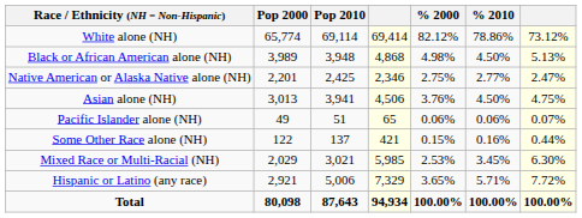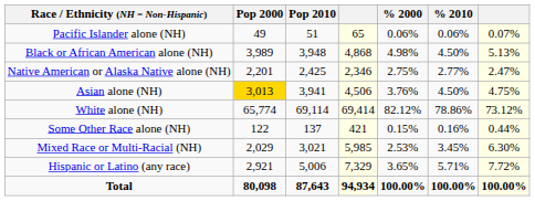 <table class="wikitable" style="text-align:center;">
 <tr>
 <th>Race / Ethnicity <small>(<em>NH = Non-Hispanic</em>)</small></th>
 <th>Pop 2000</th>
 <th>Pop 2010</th>
 <th></th>
 <th>% 2000</th>
 <th>% 2010</th>
 <th></th>
 </tr>
 <tr>
-<td><a href='#'>White</a> alone (NH)</td>
-<td>65,774</td>
-<td>69,114</td>
-<td style='background: #ffffe6;'>69,414</td>
-<td>82.12%</td>
-<td>78.86%</td>
-<td style='background: #ffffe6;'>73.12%</td>
+<td><a href='#'>Pacific Islander</a> alone (NH)</td>
+<td>49</td>
+<td>51</td>
+<td style='background: #ffffe6;'>65</td>
+<td>0.06%</td>
+<td>0.06%</td>
+<td style='background: #ffffe6;'>0.07%</td>
 </tr>
 <tr>
 <td><a href='#'>Black or African American</a> alone (NH)</td>
 <td>3,989</td>
 <td>3,948</td>
 <td style='background: #ffffe6;'>4,868</td>
 <td>4.98%</td>
 <td>4.50%</td>
 <td style='background: #ffffe6;'>5.13%</td>
 </tr>
 <tr>
 <td><a href='#'>Native American</a> or <a href='#'>Alaska Native</a> alone (NH)</td>
 <td>2,201</td>
 <td>2,425</td>
 <td style='background: #ffffe6;'>2,346</td>
 <td>2.75%</td>
 <td>2.77%</td>
 <td style='background: #ffffe6;'>2.47%</td>
 </tr>
 <tr>
 <td><a href='#'>Asian</a> alone (NH)</td>
-<td>3,013</td>
+<td style="background: gold;">3,013</td>
 <td>3,941</td>
 <td style='background: #ffffe6;'>4,506</td>
 <td>3.76%</td>
 <td>4.50%</td>
 <td style='background: #ffffe6;'>4.75%</td>
 </tr>
 <tr>
-<td><a href='#'>Pacific Islander</a> alone (NH)</td>
-<td>49</td>
-<td>51</td>
-<td style='background: #ffffe6;'>65</td>
-<td>0.06%</td>
-<td>0.06%</td>
-<td style='background: #ffffe6;'>0.07%</td>
+<td><a href='#'>White</a> alone (NH)</td>
+<td>65,774</td>
+<td>69,114</td>
+<td style='background: #ffffe6;'>69,414</td>
+<td>82.12%</td>
+<td>78.86%</td>
+<td style='background: #ffffe6;'>73.12%</td>
 </tr>
 <tr>
 <td><a href='#'>Some Other Race</a> alone (NH)</td>
 <td>122</td>
 <td>137</td>
 <td style='background: #ffffe6;'>421</td>
 <td>0.15%</td>
 <td>0.16%</td>
 <td style='background: #ffffe6;'>0.44%</td>
 </tr>
 <tr>
 <td><a href='#'>Mixed Race or Multi-Racial</a> (NH)</td>
 <td>2,029</td>
 <td>3,021</td>
 <td style='background: #ffffe6;'>5,985</td>
 <td>2.53%</td>
 <td>3.45%</td>
 <td style='background: #ffffe6;'>6.30%</td>
 </tr>
 <tr>
 <td><a href='#'>Hispanic or Latino</a> (any race)</td>
 <td>2,921</td>
 <td>5,006</td>
 <td style='background: #ffffe6;'>7,329</td>
 <td>3.65%</td>
 <td>5.71%</td>
 <td style='background: #ffffe6;'>7.72%</td>
 </tr>
 <tr>
 <td><strong>Total</strong></td>
 <td><strong>80,098</strong></td>
 <td><strong>87,643</strong></td>
 <td style='background: #ffffe6;'><strong>94,934</strong></td>
 <td><strong>100.00%</strong></td>
 <td><strong>100.00%</strong></td>
 <td style='background: #ffffe6;'><strong>100.00%</strong></td>
 </tr>
 </table>
